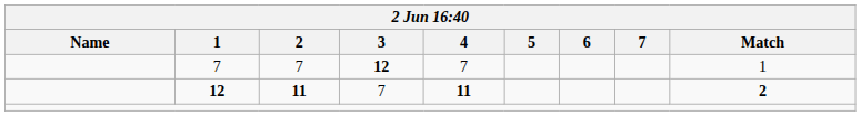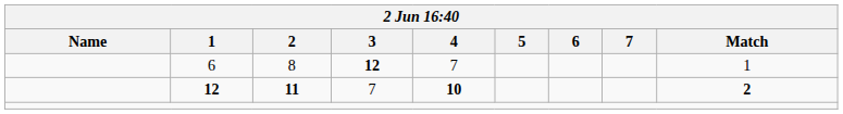 <table class=wikitable style="text-align:center; width: 55%">
 <tr>
 <th colspan=17><em>2 Jun 16:40</em></th>
 </tr>
 <tr>
 <th>Name</th>
 <th>1</th>
 <th>2</th>
 <th>3</th>
 <th>4</th>
 <th>5</th>
 <th>6</th>
 <th>7</th>
 <th>Match</th>
 </tr>
 <tr>
 <td style="text-align:left;"></td>
-<td>7</td>
-<td>7</td>
+<td>6</td>
+<td>8</td>
 <td><strong>12</strong></td>
 <td>7</td>
 <td></td>
 <td></td>
 <td></td>
 <td>1</td>
 </tr>
 <tr>
 <td style="text-align:left;"><strong></strong></td>
 <td><strong>12</strong></td>
 <td><strong>11</strong></td>
 <td>7</td>
-<td><strong>11</strong></td>
+<td><strong>10</strong></td>
 <td></td>
 <td></td>
 <td></td>
 <td><strong>2</strong></td>
 </tr>
 <tr>
 <td colspan=17></td>
 </tr>
 </table>
